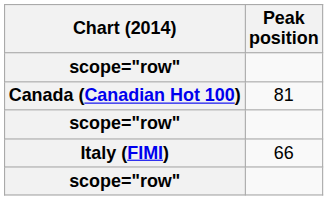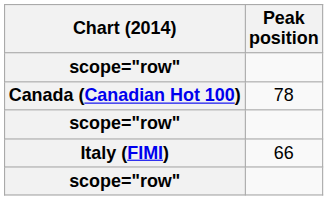 <table class="wikitable sortable plainrowheaders">
 <tr>
 <th>Chart (2014)</th>
 <th>Peak<br>position</th>
 </tr>
 <tr>
 <th>scope="row"</th>
 </tr>
 <tr>
 <th scope="row">Canada (<a href='#'>Canadian Hot 100</a>)</th>
-<td style="text-align:center;">81</td>
+<td style="text-align:center;">78</td>
 </tr>
 <tr>
 <th>scope="row"</th>
 </tr>
 <tr>
 <th scope="row">Italy (<a href='#'>FIMI</a>)</th>
 <td style="text-align:center;">66</td>
 </tr>
 <tr>
 <th>scope="row"</th>
 </tr>
 </table>
